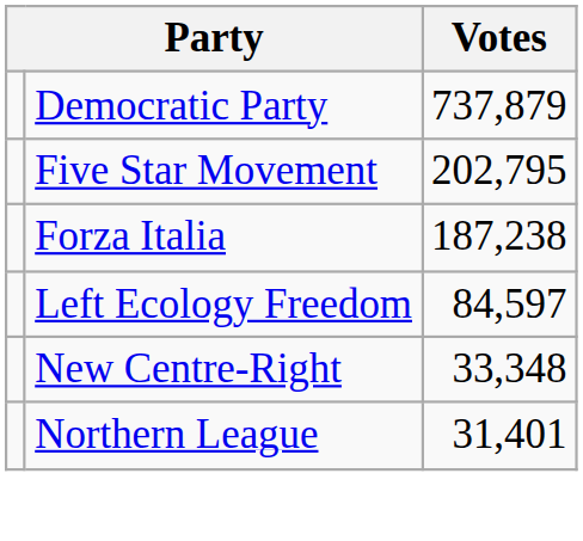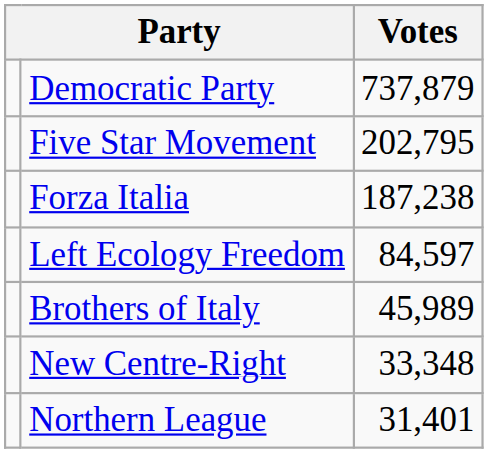 <table class=wikitable style=text-align:left>
 <tr>
 <th colspan=2 align=center>Party</th>
 <th valign=top>Votes</th>
 </tr>
 <tr>
 <td style="color:inherit;background:"></td>
 <td><a href='#'>Democratic Party</a></td>
 <td align=right>737,879</td>
 </tr>
 <tr>
 <td style="color:inherit;background:"></td>
 <td><a href='#'>Five Star Movement</a></td>
 <td align=right>202,795</td>
 </tr>
 <tr>
 <td style="color:inherit;background:"></td>
 <td><a href='#'>Forza Italia</a></td>
 <td align=right>187,238</td>
 </tr>
 <tr>
 <td style="color:inherit;background:"></td>
 <td><a href='#'>Left Ecology Freedom</a></td>
 <td align=right>84,597</td>
 </tr>
 <tr>
 <td style="color:inherit;background:"></td>
+<td><a href='#'>Brothers of Italy</a></td>
+<td align=right>45,989</td>
+</tr>
+<tr>
+<td style="color:inherit;background:"></td>
 <td><a href='#'>New Centre-Right</a></td>
 <td align=right>33,348</td>
 </tr>
 <tr>
 <td style="color:inherit;background:"></td>
 <td><a href='#'>Northern League</a></td>
 <td align=right>31,401</td>
 </tr>
 </table>
